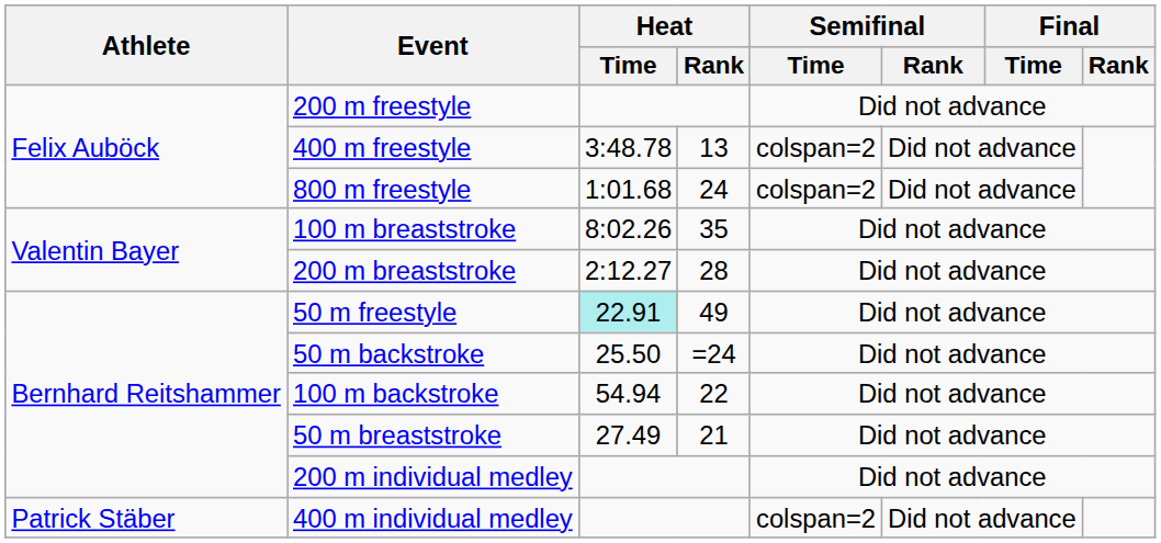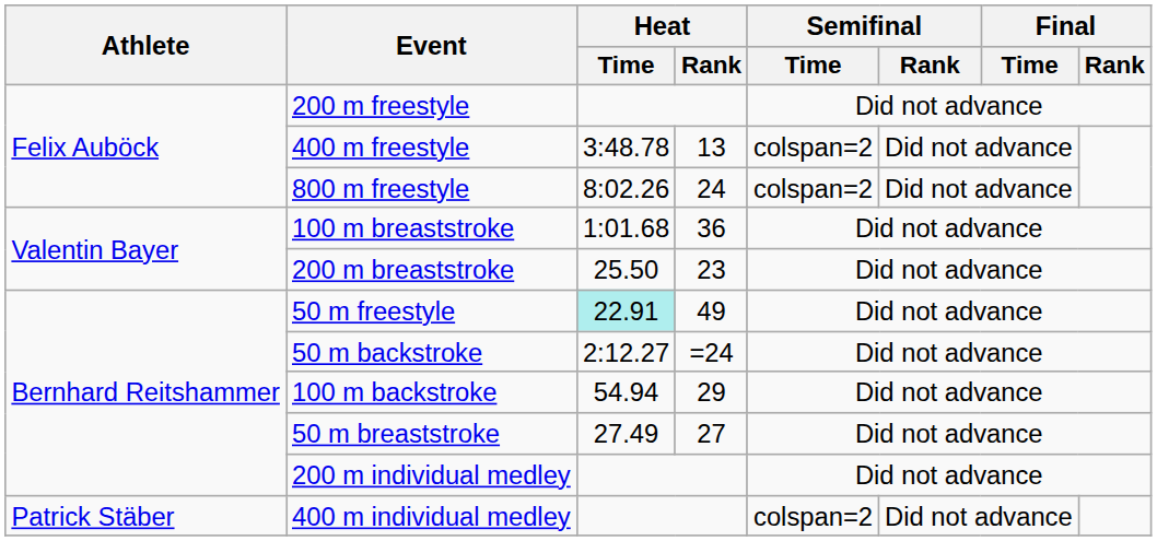 <table class="wikitable" style="text-align:center; font-size:90%">
 <tr>
 <th rowspan="2">Athlete</th>
 <th rowspan="2">Event</th>
 <th colspan="2">Heat</th>
 <th colspan="2">Semifinal</th>
 <th colspan="2">Final</th>
 </tr>
 <tr style="font-size:95%">
 <th>Time</th>
 <th>Rank</th>
 <th>Time</th>
 <th>Rank</th>
 <th>Time</th>
 <th>Rank</th>
 </tr>
 <tr>
 <td align=left rowspan=3><a href='#'>Felix Auböck</a></td>
 <td align=left><a href='#'>200 m freestyle</a></td>
 <td colspan=2></td>
 <td colspan=4>Did not advance</td>
 </tr>
 <tr>
 <td align=left><a href='#'>400 m freestyle</a></td>
 <td>3:48.78</td>
 <td>13</td>
 <td>colspan=2 </td>
 <td colspan=2>Did not advance</td>
 </tr>
 <tr>
 <td align=left><a href='#'>800 m freestyle</a></td>
-<td>1:01.68</td>
+<td>8:02.26</td>
 <td>24</td>
 <td>colspan=2 </td>
 <td colspan=2>Did not advance</td>
 </tr>
 <tr>
 <td align=left rowspan=2><a href='#'>Valentin Bayer</a></td>
 <td align=left><a href='#'>100 m breaststroke</a></td>
-<td>8:02.26</td>
-<td>35</td>
+<td>1:01.68</td>
+<td>36</td>
 <td colspan=4>Did not advance</td>
 </tr>
 <tr>
 <td align=left><a href='#'>200 m breaststroke</a></td>
-<td>2:12.27</td>
-<td>28</td>
+<td>25.50</td>
+<td>23</td>
 <td colspan=4>Did not advance</td>
 </tr>
 <tr>
 <td align=left rowspan=5><a href='#'>Bernhard Reitshammer</a></td>
 <td align=left><a href='#'>50 m freestyle</a></td>
 <td style="background: paleturquoise;">22.91</td>
 <td>49</td>
 <td colspan=4>Did not advance</td>
 </tr>
 <tr>
 <td align=left><a href='#'>50 m backstroke</a></td>
-<td>25.50</td>
+<td>2:12.27</td>
 <td>=24</td>
 <td colspan=4>Did not advance</td>
 </tr>
 <tr>
 <td align=left><a href='#'>100 m backstroke</a></td>
 <td>54.94</td>
-<td>22</td>
+<td>29</td>
 <td colspan=4>Did not advance</td>
 </tr>
 <tr>
 <td align=left><a href='#'>50 m breaststroke</a></td>
 <td>27.49</td>
-<td>21</td>
+<td>27</td>
 <td colspan=4>Did not advance</td>
 </tr>
 <tr>
 <td align=left><a href='#'>200 m individual medley</a></td>
 <td colspan=2></td>
 <td colspan=4>Did not advance</td>
 </tr>
 <tr>
 <td align=left><a href='#'>Patrick Stäber</a></td>
 <td align=left><a href='#'>400 m individual medley</a></td>
 <td colspan=2></td>
 <td>colspan=2 </td>
 <td colspan=2>Did not advance</td>
 </tr>
 </table>
